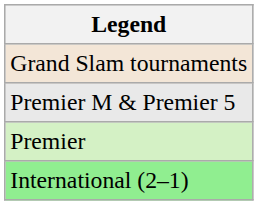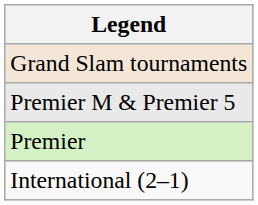 <table class=wikitable style="font-size:95%">
 <tr>
 <th>Legend</th>
 </tr>
 <tr>
 <td style="background:#f3e6d7;">Grand Slam tournaments</td>
 </tr>
 <tr>
 <td style="background:#e9e9e9;">Premier M & Premier 5</td>
 </tr>
 <tr>
 <td style="background:#d4f1c5;">Premier</td>
 </tr>
 <tr>
-<td style="background: lightgreen;">International (2–1)</td>
+<td>International (2–1)</td>
 </tr>
 </table>
